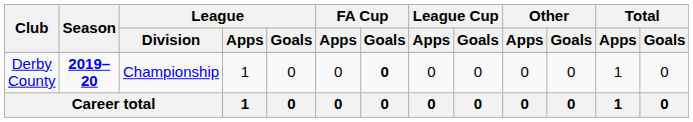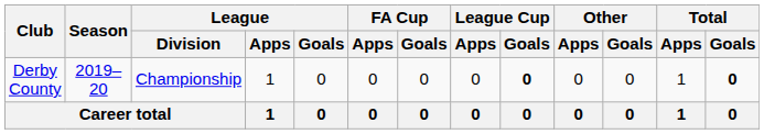 <table class="wikitable" style="text-align:center">
 <tr>
 <th rowspan="2">Club</th>
 <th rowspan="2">Season</th>
 <th colspan="3">League</th>
 <th colspan="2">FA Cup</th>
 <th colspan="2">League Cup</th>
 <th colspan="2">Other</th>
 <th colspan="2">Total</th>
 </tr>
 <tr>
 <th>Division</th>
 <th>Apps</th>
 <th>Goals</th>
 <th>Apps</th>
 <th>Goals</th>
 <th>Apps</th>
 <th>Goals</th>
 <th>Apps</th>
 <th>Goals</th>
 <th>Apps</th>
 <th>Goals</th>
 </tr>
 <tr>
 <td><a href='#'>Derby County</a></td>
-<td><strong><a href='#'>2019–20</a></strong></td>
+<td><a href='#'>2019–20</a></td>
 <td><a href='#'>Championship</a></td>
 <td>1</td>
+<td>0</td>
+<td>0</td>
 <td>0</td>
 <td>0</td>
 <td><strong>0</strong></td>
 <td>0</td>
 <td>0</td>
-<td>0</td>
-<td>0</td>
 <td>1</td>
-<td>0</td>
+<td><strong>0</strong></td>
 </tr>
 <tr>
 <th colspan="3">Career total</th>
 <th>1</th>
 <th>0</th>
 <th>0</th>
 <th>0</th>
 <th>0</th>
 <th>0</th>
 <th>0</th>
 <th>0</th>
 <th>1</th>
 <th>0</th>
 </tr>
 </table>
